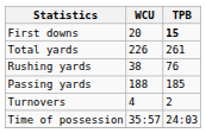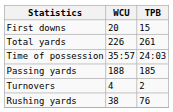 <table class="wikitable" style="float: left;">
 <tr>
 <th>Statistics</th>
 <th>WCU</th>
 <th>TPB</th>
 </tr>
 <tr>
 <td>First downs</td>
 <td>20</td>
-<td><strong>15</strong></td>
+<td>15</td>
 </tr>
 <tr>
 <td>Total yards</td>
 <td>226</td>
 <td>261</td>
 </tr>
 <tr>
-<td>Rushing yards</td>
-<td>38</td>
-<td>76</td>
+<td>Time of possession</td>
+<td>35:57</td>
+<td>24:03</td>
 </tr>
 <tr>
 <td>Passing yards</td>
 <td>188</td>
 <td>185</td>
 </tr>
 <tr>
 <td>Turnovers</td>
 <td>4</td>
 <td>2</td>
 </tr>
 <tr>
-<td>Time of possession</td>
-<td>35:57</td>
-<td>24:03</td>
+<td>Rushing yards</td>
+<td>38</td>
+<td>76</td>
 </tr>
 <tr>
 </tr>
 </table>
